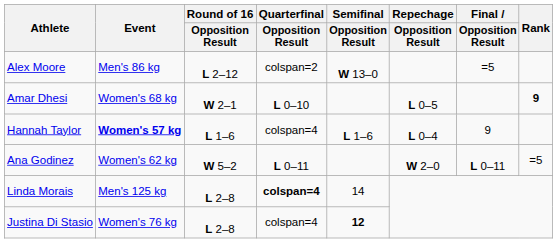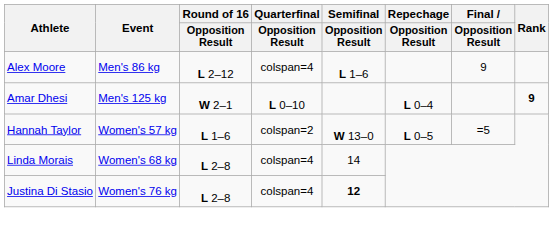 <table class=wikitable style=font-size:90%;text-align:center>
 <tr>
 <th rowspan=2>Athlete</th>
 <th rowspan=2>Event</th>
 <th>Round of 16</th>
 <th>Quarterfinal</th>
 <th>Semifinal</th>
 <th>Repechage</th>
 <th>Final / </th>
 <th rowspan=2>Rank</th>
 </tr>
 <tr style=font-size:95%>
 <th>Opposition<br>Result</th>
 <th>Opposition<br>Result</th>
 <th>Opposition<br>Result</th>
 <th>Opposition<br>Result</th>
 <th>Opposition<br>Result</th>
 </tr>
 <tr>
 <td align=left><a href='#'>Alex Moore</a></td>
 <td align=left><a href='#'>Men's 86 kg</a></td>
 <td><br><strong>L</strong> 2–12</td>
-<td>colspan=2 </td>
-<td><br><strong>W</strong> 13–0</td>
+<td>colspan=4 </td>
+<td><br><strong>L</strong> 1–6</td>
 <td></td>
-<td>=5</td>
+<td>9</td>
 </tr>
 <tr>
 <td align=left><a href='#'>Amar Dhesi</a></td>
-<td align=left><a href='#'>Women's 68 kg</a></td>
+<td align=left><a href='#'>Men's 125 kg</a></td>
 <td><br><strong>W</strong> 2–1</td>
 <td><br><strong>L</strong> 0–10</td>
 <td></td>
-<td><br><strong>L</strong> 0–5</td>
+<td><br><strong>L</strong> 0–4</td>
 <td></td>
 <td><strong>9</strong></td>
 </tr>
 <tr>
 <td align=left><a href='#'>Hannah Taylor</a></td>
-<td align=left><strong><a href='#'>Women's 57 kg</a></strong></td>
+<td align=left><a href='#'>Women's 57 kg</a></td>
 <td><br><strong>L</strong> 1–6</td>
-<td>colspan=4 </td>
-<td><br><strong>L</strong> 1–6</td>
-<td><br><strong>L</strong> 0–4</td>
-<td>9</td>
-</tr>
-<tr>
-<td align=left><a href='#'>Ana Godinez</a></td>
-<td align=left><a href='#'>Women's 62 kg</a></td>
-<td><br><strong>W</strong> 5–2</td>
-<td><br><strong>L</strong> 0–11</td>
-<td></td>
-<td><br><strong>W</strong> 2–0</td>
-<td><br><strong>L</strong> 0–11</td>
+<td>colspan=2 </td>
+<td><br><strong>W</strong> 13–0</td>
+<td><br><strong>L</strong> 0–5</td>
 <td>=5</td>
 </tr>
 <tr>
 <td align=left><a href='#'>Linda Morais</a></td>
-<td align=left><a href='#'>Men's 125 kg</a></td>
+<td align=left><a href='#'>Women's 68 kg</a></td>
 <td><br><strong>L</strong> 2–8</td>
-<td><strong>colspan=4 </strong></td>
+<td>colspan=4 </td>
 <td>14</td>
 </tr>
 <tr>
 <td align=left><a href='#'>Justina Di Stasio</a></td>
 <td align=left><a href='#'>Women's 76 kg</a></td>
 <td><br><strong>L</strong> 2–8</td>
 <td>colspan=4 </td>
 <td><strong>12</strong></td>
 </tr>
 </table>
